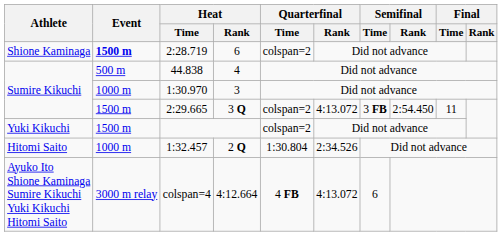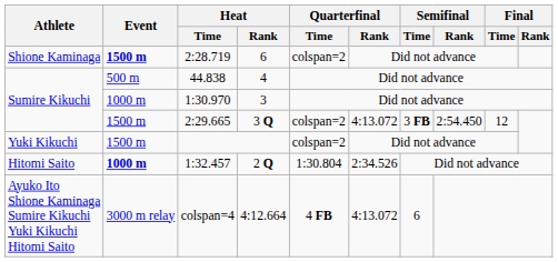 <table class="wikitable" style="font-size:90%">
 <tr>
 <th rowspan=2>Athlete</th>
 <th rowspan=2>Event</th>
 <th colspan=2>Heat</th>
 <th colspan=2>Quarterfinal</th>
 <th colspan=2>Semifinal</th>
 <th colspan=2>Final</th>
 </tr>
 <tr style="font-size:95%">
 <th>Time</th>
 <th>Rank</th>
 <th>Time</th>
 <th>Rank</th>
 <th>Time</th>
 <th>Rank</th>
 <th>Time</th>
 <th>Rank</th>
 </tr>
 <tr align=center>
 <td align=left><a href='#'>Shione Kaminaga</a></td>
 <td align=left><strong><a href='#'>1500 m</a></strong></td>
 <td>2:28.719</td>
 <td>6</td>
 <td>colspan=2 </td>
 <td colspan=4>Did not advance</td>
 </tr>
 <tr align=center>
 <td align=left rowspan=3><a href='#'>Sumire Kikuchi</a></td>
 <td align=left><a href='#'>500 m</a></td>
 <td>44.838</td>
 <td>4</td>
 <td colspan=6>Did not advance</td>
 </tr>
 <tr align=center>
 <td align=left><a href='#'>1000 m</a></td>
 <td>1:30.970</td>
 <td>3</td>
 <td colspan=6>Did not advance</td>
 </tr>
 <tr align=center>
 <td align=left><a href='#'>1500 m</a></td>
 <td>2:29.665</td>
 <td>3 <strong>Q</strong></td>
 <td>colspan=2 </td>
 <td>4:13.072</td>
 <td>3 <strong>FB</strong></td>
 <td>2:54.450</td>
-<td>11</td>
+<td>12</td>
 </tr>
 <tr align=center>
 <td align=left><a href='#'>Yuki Kikuchi</a></td>
 <td align=left><a href='#'>1500 m</a></td>
 <td colspan=2></td>
 <td>colspan=2 </td>
 <td colspan=4>Did not advance</td>
 </tr>
 <tr align=center>
 <td align=left><a href='#'>Hitomi Saito</a></td>
-<td align=left><a href='#'>1000 m</a></td>
+<td align=left><strong><a href='#'>1000 m</a></strong></td>
 <td>1:32.457</td>
 <td>2 <strong>Q</strong></td>
 <td>1:30.804</td>
 <td>2:34.526</td>
 <td colspan=4>Did not advance</td>
 </tr>
 <tr align=center>
 <td align=left><a href='#'>Ayuko Ito</a><br><a href='#'>Shione Kaminaga</a><br><a href='#'>Sumire Kikuchi</a><br><a href='#'>Yuki Kikuchi</a><br><a href='#'>Hitomi Saito</a></td>
 <td align=left><a href='#'>3000 m relay</a></td>
 <td>colspan=4 </td>
 <td>4:12.664</td>
 <td>4 <strong>FB</strong></td>
 <td>4:13.072</td>
 <td>6</td>
 </tr>
 </table>
